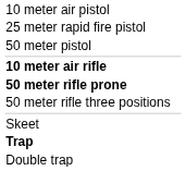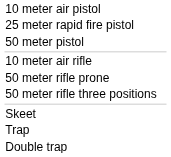 <table>
 <tr>
 <td>10 meter air pistol <br></td>
 <td> </td>
 <td></td>
 <td></td>
 </tr>
 <tr>
 <td>25 meter rapid fire pistol <br></td>
 <td></td>
 <td></td>
 <td></td>
 </tr>
 <tr>
 <td>50 meter pistol <br></td>
 <td> </td>
 <td></td>
 <td></td>
 </tr>
 <tr bgcolor=#DDDDDD>
 <td colspan=7></td>
 </tr>
 <tr>
-<td><strong>10 meter air rifle <br></strong></td>
+<td>10 meter air rifle <br></td>
 <td> </td>
 <td></td>
 <td></td>
 </tr>
 <tr>
-<td><strong>50 meter rifle prone <br></strong></td>
+<td>50 meter rifle prone <br></td>
 <td> </td>
 <td></td>
 <td></td>
 </tr>
 <tr>
 <td>50 meter rifle three positions <br></td>
 <td> </td>
 <td></td>
 <td></td>
 </tr>
 <tr bgcolor=#DDDDDD>
 <td colspan=7></td>
 </tr>
 <tr>
 <td>Skeet <br></td>
 <td></td>
 <td></td>
 <td></td>
 </tr>
 <tr>
-<td><strong>Trap <br></strong></td>
+<td>Trap <br></td>
 <td></td>
 <td></td>
 <td></td>
 </tr>
 <tr>
 <td>Double trap <br></td>
 <td></td>
 <td></td>
 <td></td>
 </tr>
 <tr>
 </tr>
 </table>
